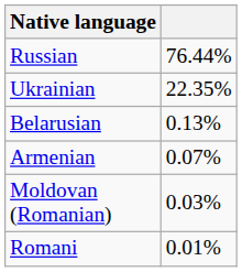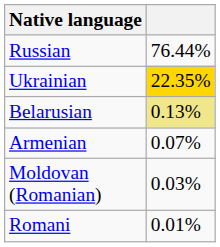 <table class="wikitable">
 <tr>
 <th>Native language</th>
 <th></th>
 </tr>
 <tr>
 <td><a href='#'>Russian</a></td>
 <td>76.44%</td>
 </tr>
 <tr>
 <td><a href='#'>Ukrainian</a></td>
-<td>22.35%</td>
+<td style="background: gold;">22.35%</td>
 </tr>
 <tr>
 <td><a href='#'>Belarusian</a></td>
-<td>0.13%</td>
+<td style="background: khaki;">0.13%</td>
 </tr>
 <tr>
 <td><a href='#'>Armenian</a></td>
 <td>0.07%</td>
 </tr>
 <tr>
 <td><a href='#'>Moldovan</a><br>(<a href='#'>Romanian</a>)</td>
 <td>0.03%</td>
 </tr>
 <tr>
 <td><a href='#'>Romani</a></td>
 <td>0.01%</td>
 </tr>
 </table>
